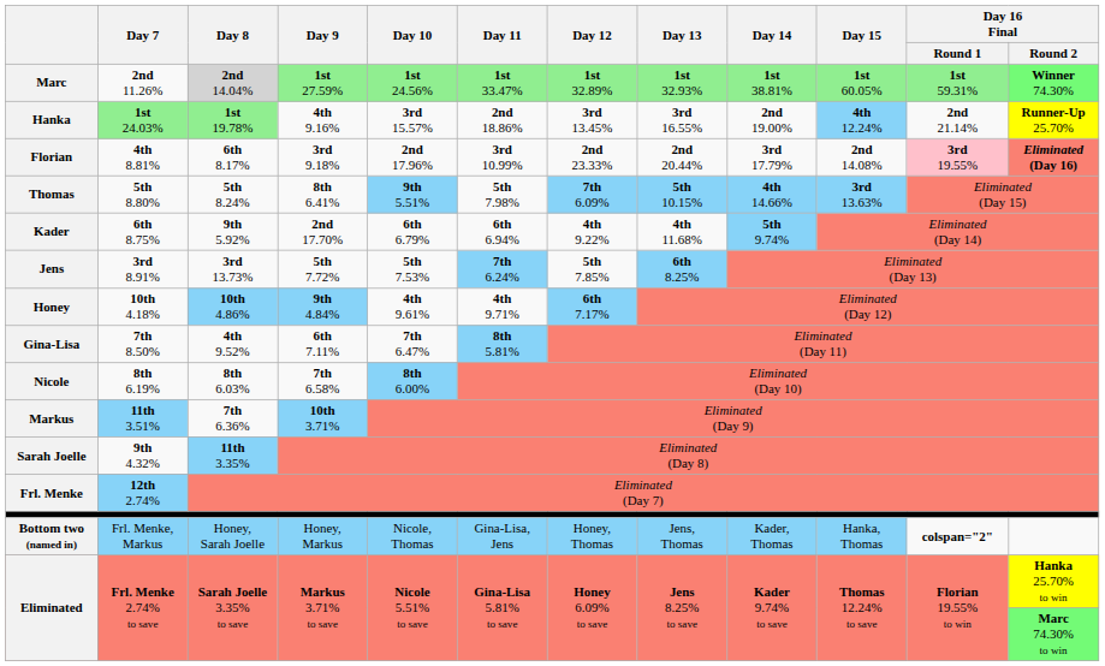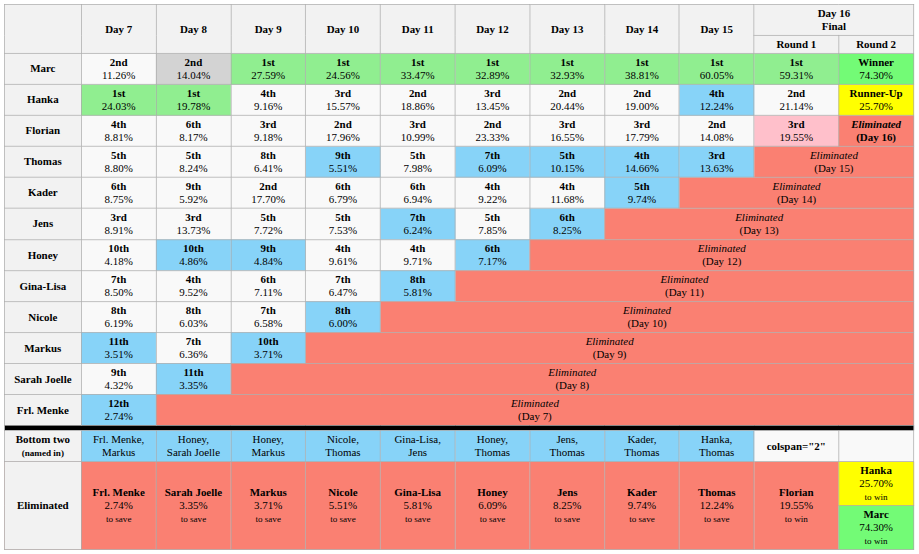 <table class="wikitable" style="text-align:center; font-size:95%; width:100%;">
 <tr>
 <th style="width:6%" rowspan="2"></th>
 <th style="width:6%" rowspan="2">Day 7</th>
 <th style="width:6%" rowspan="2">Day 8</th>
 <th style="width:6%" rowspan="2">Day 9</th>
 <th style="width:6%" rowspan="2">Day 10</th>
 <th style="width:6%" rowspan="2">Day 11</th>
 <th style="width:6%" rowspan="2">Day 12</th>
 <th style="width:6%" rowspan="2">Day 13</th>
 <th style="width:6%" rowspan="2">Day 14</th>
 <th style="width:6%" rowspan="2">Day 15</th>
 <th style="width:6%" colspan="2">Day 16<br>Final</th>
 </tr>
 <tr>
 <th style="width:6%">Round 1</th>
 <th style="width:6%">Round 2</th>
 </tr>
 <tr>
 <th>Marc</th>
 <td><strong>2nd</strong><br>11.26%</td>
 <td style="background: lightgrey;"><strong>2nd</strong><br>14.04%</td>
 <td style="background:lightgreen;"><strong>1st</strong><br>27.59%</td>
 <td style="background:lightgreen;"><strong>1st</strong><br>24.56%</td>
 <td style="background:lightgreen;"><strong>1st</strong><br>33.47%</td>
 <td style="background:lightgreen;"><strong>1st</strong><br>32.89%</td>
 <td style="background:lightgreen;"><strong>1st</strong><br>32.93%</td>
 <td style="background:lightgreen;"><strong>1st</strong><br>38.81%</td>
 <td style="background:lightgreen;"><strong>1st</strong><br>60.05%</td>
 <td style="background:lightgreen;"><strong>1st</strong><br>59.31%</td>
 <td style="background:#73FB76;"><strong>Winner</strong><br>74.30%</td>
 </tr>
 <tr>
 <th>Hanka</th>
 <td style="background:lightgreen;"><strong>1st</strong><br>24.03%</td>
 <td style="background:lightgreen;"><strong>1st</strong><br>19.78%</td>
 <td><strong>4th</strong><br>9.16%</td>
 <td><strong>3rd</strong><br>15.57%</td>
 <td><strong>2nd</strong><br>18.86%</td>
 <td><strong>3rd</strong><br>13.45%</td>
-<td><strong>3rd</strong><br>16.55%</td>
+<td><strong>2nd</strong><br>20.44%</td>
 <td><strong>2nd</strong><br>19.00%</td>
 <td style="background:#87D3F8;"><strong>4th</strong><br>12.24%</td>
 <td><strong>2nd</strong><br>21.14%</td>
 <td style="background:yellow;" colspan=1><strong>Runner-Up</strong><br>25.70%</td>
 </tr>
 <tr>
 <th>Florian</th>
 <td><strong>4th</strong><br>8.81%</td>
 <td><strong>6th</strong><br>8.17%</td>
 <td><strong>3rd</strong><br>9.18%</td>
 <td><strong>2nd</strong><br>17.96%</td>
 <td><strong>3rd</strong><br>10.99%</td>
 <td><strong>2nd</strong><br>23.33%</td>
-<td><strong>2nd</strong><br>20.44%</td>
+<td><strong>3rd</strong><br>16.55%</td>
 <td><strong>3rd</strong><br>17.79%</td>
 <td><strong>2nd</strong><br>14.08%</td>
 <td style="background:pink;"><strong>3rd</strong><br>19.55%</td>
 <td style="background:salmon;" colspan=1><strong><em>Eliminated</em><br>(Day 16)</strong></td>
 </tr>
 <tr>
 <th>Thomas</th>
 <td><strong>5th</strong><br>8.80%</td>
 <td><strong>5th</strong><br>8.24%</td>
 <td><strong>8th</strong><br>6.41%</td>
 <td style="background:#87D3F8;"><strong>9th</strong><br>5.51%</td>
 <td><strong>5th</strong><br>7.98%</td>
 <td style="background:#87D3F8;"><strong>7th</strong><br>6.09%</td>
 <td style="background:#87d3f8;"><strong>5th</strong><br>10.15%</td>
 <td style="background:#87d3f8;"><strong>4th</strong><br>14.66%</td>
 <td style="background:#87d3f8;"><strong>3rd</strong><br>13.63%</td>
 <td style="background:salmon;" colspan=2><em>Eliminated</em><br>(Day 15)</td>
 </tr>
 <tr>
 <th>Kader</th>
 <td><strong>6th</strong><br>8.75%</td>
 <td><strong>9th</strong><br>5.92%</td>
 <td><strong>2nd</strong><br>17.70%</td>
 <td><strong>6th</strong><br>6.79%</td>
 <td><strong>6th</strong><br>6.94%</td>
 <td><strong>4th</strong><br>9.22%</td>
 <td><strong>4th</strong><br>11.68%</td>
 <td style="background:#87D3F8;"><strong>5th</strong><br>9.74%</td>
 <td style="background:salmon;" colspan=3><em>Eliminated</em><br>(Day 14)</td>
 </tr>
 <tr>
 <th>Jens</th>
 <td><strong>3rd</strong><br>8.91%</td>
 <td><strong>3rd</strong><br>13.73%</td>
 <td><strong>5th</strong><br>7.72%</td>
 <td><strong>5th</strong><br>7.53%</td>
 <td style="background:#87d3f8;"><strong>7th</strong><br>6.24%</td>
 <td><strong>5th</strong><br>7.85%</td>
 <td style="background:#87D3F8;"><strong>6th</strong><br>8.25%</td>
 <td style="background:salmon;" colspan=4><em>Eliminated</em><br>(Day 13)</td>
 </tr>
 <tr>
 <th>Honey</th>
 <td><strong>10th</strong><br>4.18%</td>
 <td style="background:#87d3f8;"><strong>10th</strong><br>4.86%</td>
 <td style="background:#87d3f8;"><strong>9th</strong><br>4.84%</td>
 <td><strong>4th</strong><br>9.61%</td>
 <td><strong>4th</strong><br>9.71%</td>
 <td style="background:#87d3f8;"><strong>6th</strong><br>7.17%</td>
 <td style="background:salmon;" colspan=5><em>Eliminated</em><br>(Day 12)</td>
 </tr>
 <tr>
 <th>Gina-Lisa</th>
 <td><strong>7th</strong><br>8.50%</td>
 <td><strong>4th</strong><br>9.52%</td>
 <td><strong>6th</strong><br>7.11%</td>
 <td><strong>7th</strong><br>6.47%</td>
 <td style="background:#87D3F8;"><strong>8th</strong><br>5.81%</td>
 <td style="background:salmon;" colspan=6><em>Eliminated</em><br>(Day 11)</td>
 </tr>
 <tr>
 <th>Nicole</th>
 <td><strong>8th</strong><br>6.19%</td>
 <td><strong>8th</strong><br>6.03%</td>
 <td><strong>7th</strong><br>6.58%</td>
 <td style="background:#87d3f8;"><strong>8th</strong><br>6.00%</td>
 <td style="background:salmon;" colspan=7><em>Eliminated</em><br>(Day 10)</td>
 </tr>
 <tr>
 <th>Markus</th>
 <td style="background:#87d3f8;"><strong>11th</strong><br>3.51%</td>
 <td><strong>7th</strong><br>6.36%</td>
 <td style="background:#87D3F8;"><strong>10th</strong><br>3.71%</td>
 <td style="background:salmon;" colspan=8><em>Eliminated</em><br>(Day 9)</td>
 </tr>
 <tr>
 <th>Sarah Joelle</th>
 <td><strong>9th</strong><br>4.32%</td>
 <td style="background:#87D3F8;"><strong>11th</strong><br>3.35%</td>
 <td style="background:salmon;" colspan=9><em>Eliminated</em><br>(Day 8)</td>
 </tr>
 <tr>
 <th>Frl. Menke</th>
 <td style="background:#87D3F8;"><strong>12th</strong><br>2.74%</td>
 <td style="background:salmon;" colspan=10><em>Eliminated</em><br>(Day 7)</td>
 </tr>
 <tr>
 <td style="background:#000;" colspan="12"></td>
 </tr>
 <tr>
 <th>Bottom two<br><small>(named in)</small></th>
 <td style="background:#87d3f8;">Frl. Menke,<br>Markus</td>
 <td style="background:#87d3f8;">Honey,<br>Sarah Joelle</td>
 <td style="background:#87d3f8;">Honey,<br>Markus</td>
 <td style="background:#87d3f8;">Nicole,<br>Thomas</td>
 <td style="background:#87d3f8;">Gina-Lisa,<br>Jens</td>
 <td style="background:#87d3f8;">Honey,<br>Thomas</td>
 <td style="background:#87d3f8;">Jens,<br>Thomas</td>
 <td style="background:#87d3f8;">Kader,<br>Thomas</td>
 <td style="background:#87d3f8;">Hanka,<br>Thomas</td>
 <td><strong>colspan="2" </strong></td>
 </tr>
 <tr style="background:salmon;">
 <th rowspan="2">Eliminated</th>
 <td rowspan="2"><strong>Frl. Menke</strong><br>2.74%<br><small>to save</small></td>
 <td rowspan="2"><strong>Sarah Joelle</strong><br>3.35%<br><small>to save</small></td>
 <td rowspan="2"><strong>Markus</strong><br>3.71%<br><small>to save</small></td>
 <td rowspan="2"><strong>Nicole</strong><br>5.51%<br><small>to save</small></td>
 <td rowspan="2"><strong>Gina-Lisa</strong><br>5.81%<br><small>to save</small></td>
 <td rowspan="2"><strong>Honey</strong><br>6.09%<br><small>to save</small></td>
 <td rowspan="2"><strong>Jens</strong><br>8.25%<br><small>to save</small></td>
 <td rowspan="2"><strong>Kader</strong><br>9.74%<br><small>to save</small></td>
 <td rowspan="2"><strong>Thomas</strong><br>12.24%<br><small>to save</small></td>
 <td rowspan="2"><strong>Florian</strong><br>19.55%<br><small>to win</small></td>
 <td style="background:yellow"><strong>Hanka</strong><br>25.70%<br><small>to win</small></td>
 </tr>
 <tr>
 <td style="background:#73FB76"><strong>Marc</strong><br>74.30%<br><small>to win</small></td>
 </tr>
 </table>
